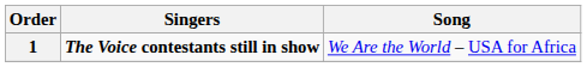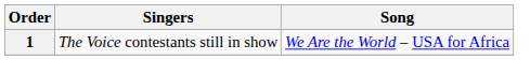 <table class="wikitable sortable" style="text-align: center; width: auto;">
 <tr>
 <th>Order</th>
 <th>Singers</th>
 <th>Song</th>
 </tr>
 <tr>
 </tr>
 <tr>
 <th>1</th>
-<td><strong><em>The Voice</em> contestants still in show</strong></td>
+<td><em>The Voice</em> contestants still in show</td>
 <td><em><a href='#'>We Are the World</a></em> – <a href='#'>USA for Africa</a></td>
 </tr>
 <tr>
 </tr>
 </table>
